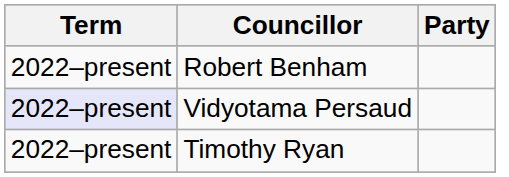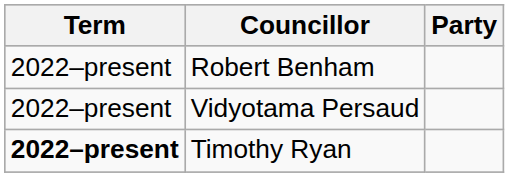 <table class="wikitable">
 <tr>
 <th>Term</th>
 <th>Councillor</th>
 <th colspan=2>Party</th>
 </tr>
 <tr>
 <td>2022–present</td>
 <td>Robert Benham</td>
 <td></td>
 </tr>
 <tr>
-<td style="background: lavender;">2022–present</td>
+<td>2022–present</td>
 <td>Vidyotama Persaud</td>
 <td></td>
 </tr>
 <tr>
-<td>2022–present</td>
+<td><strong>2022–present</strong></td>
 <td>Timothy Ryan</td>
 <td></td>
 </tr>
 </table>
